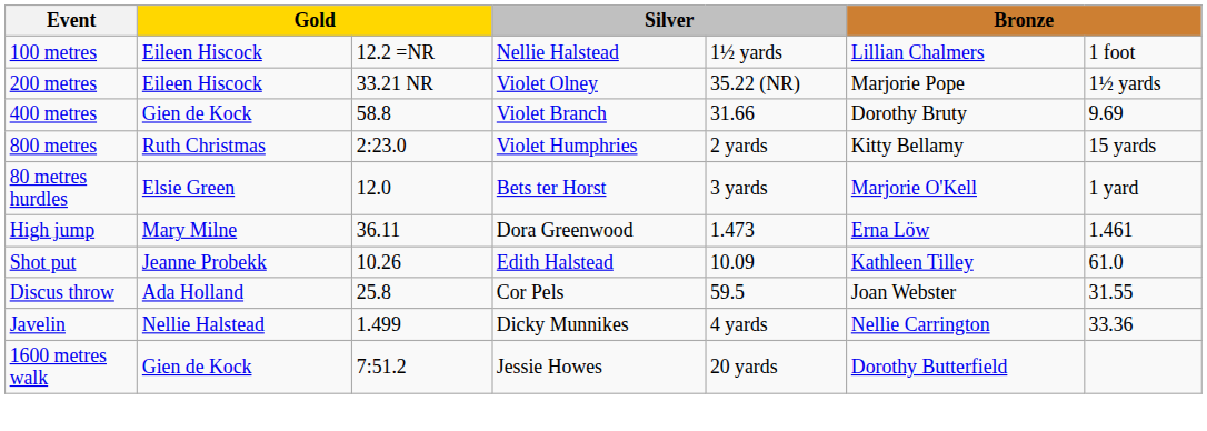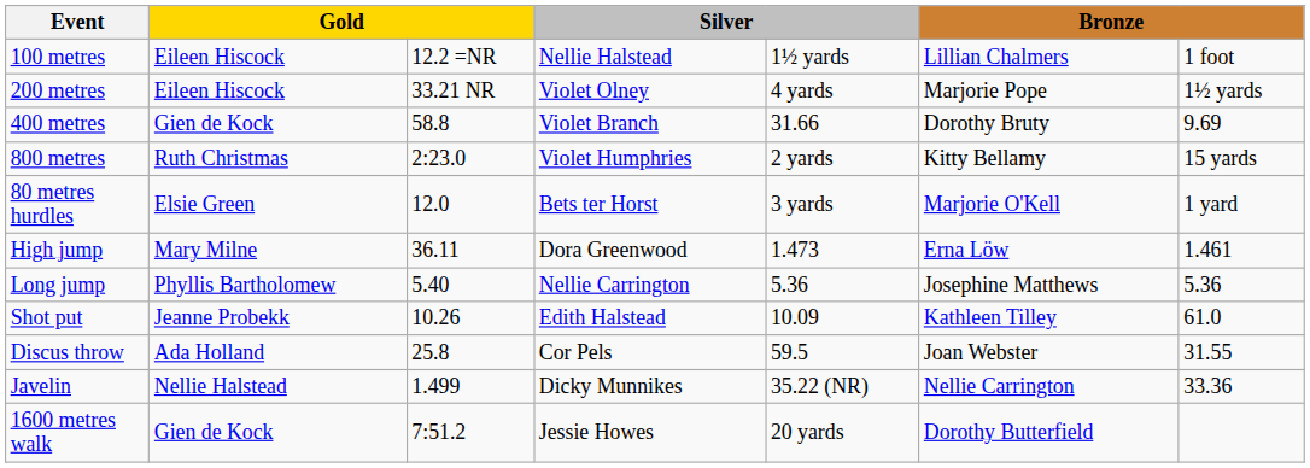 <table class="wikitable" style="text-align:left">
 <tr>
 <th width=100>Event</th>
 <th colspan="2" width="280" style="background:gold;">Gold</th>
 <th colspan="2" width="280" style="background:silver;">Silver</th>
 <th colspan="2" width="280" style="background:#CD7F32;">Bronze</th>
 </tr>
 <tr>
 <td><a href='#'>100 metres</a></td>
 <td><a href='#'>Eileen Hiscock</a></td>
 <td>12.2 =NR</td>
 <td><a href='#'>Nellie Halstead</a></td>
 <td>1½ yards</td>
 <td><a href='#'>Lillian Chalmers</a></td>
 <td>1 foot</td>
 </tr>
 <tr>
 <td><a href='#'>200 metres</a></td>
 <td><a href='#'>Eileen Hiscock</a></td>
 <td>33.21 NR</td>
 <td><a href='#'>Violet Olney</a></td>
-<td>35.22 (NR)</td>
+<td>4 yards</td>
 <td>Marjorie Pope</td>
 <td>1½ yards</td>
 </tr>
 <tr>
 <td><a href='#'>400 metres</a></td>
 <td> <a href='#'>Gien de Kock</a></td>
 <td>58.8</td>
 <td><a href='#'>Violet Branch</a></td>
 <td>31.66</td>
 <td>Dorothy Bruty</td>
 <td>9.69</td>
 </tr>
 <tr>
 <td><a href='#'>800 metres</a></td>
 <td><a href='#'>Ruth Christmas</a></td>
 <td>2:23.0</td>
 <td><a href='#'>Violet Humphries</a></td>
 <td>2 yards</td>
 <td>Kitty Bellamy</td>
 <td>15 yards</td>
 </tr>
 <tr>
 <td><a href='#'>80 metres hurdles</a></td>
 <td><a href='#'>Elsie Green</a></td>
 <td>12.0</td>
 <td> <a href='#'>Bets ter Horst</a></td>
 <td>3 yards</td>
 <td><a href='#'>Marjorie O'Kell</a></td>
 <td>1 yard</td>
 </tr>
 <tr>
 <td><a href='#'>High jump</a></td>
 <td><a href='#'>Mary Milne</a></td>
 <td>36.11</td>
 <td>Dora Greenwood</td>
 <td>1.473</td>
 <td> <a href='#'>Erna Löw</a></td>
 <td>1.461</td>
 </tr>
 <tr>
+<td><a href='#'>Long jump</a></td>
+<td><a href='#'>Phyllis Bartholomew</a></td>
+<td>5.40</td>
+<td><a href='#'>Nellie Carrington</a></td>
+<td>5.36</td>
+<td>Josephine Matthews</td>
+<td>5.36</td>
+</tr>
+<tr>
 <td><a href='#'>Shot put</a></td>
 <td><a href='#'>Jeanne Probekk</a></td>
 <td>10.26</td>
 <td><a href='#'>Edith Halstead</a></td>
 <td>10.09</td>
 <td><a href='#'>Kathleen Tilley</a></td>
 <td>61.0</td>
 </tr>
 <tr>
 <td><a href='#'>Discus throw</a></td>
 <td><a href='#'>Ada Holland</a></td>
 <td>25.8</td>
 <td> Cor Pels</td>
 <td>59.5</td>
 <td>Joan Webster</td>
 <td>31.55</td>
 </tr>
 <tr>
 <td><a href='#'>Javelin</a></td>
 <td><a href='#'>Nellie Halstead</a></td>
 <td>1.499</td>
 <td> Dicky Munnikes</td>
-<td>4 yards</td>
+<td>35.22 (NR)</td>
 <td><a href='#'>Nellie Carrington</a></td>
 <td>33.36</td>
 </tr>
 <tr>
 <td><a href='#'>1600 metres walk</a></td>
 <td> <a href='#'>Gien de Kock</a></td>
 <td>7:51.2</td>
 <td>Jessie Howes</td>
 <td>20 yards</td>
 <td><a href='#'>Dorothy Butterfield</a></td>
 <td></td>
 </tr>
 </table>
